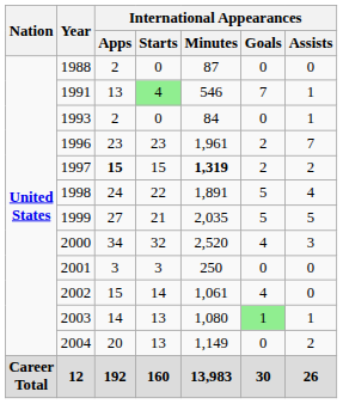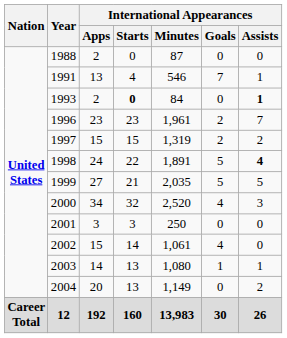 <table class="wikitable" style="font-size:90%; width:35%;">
 <tr>
 <th rowspan="2" style="width:20%;">Nation</th>
 <th rowspan="2" style="width:7%;">Year</th>
 <th colspan="5" style="width:30%;">International Appearances</th>
 </tr>
 <tr>
 <th align=center>Apps</th>
 <th align=center>Starts</th>
 <th align=center>Minutes</th>
 <th align=center>Goals</th>
 <th align=center>Assists</th>
 </tr>
 <tr>
 <td rowspan="12" style="text-align:center;"><strong><a href='#'>United States</a></strong></td>
 <td align=center>1988</td>
 <td align=center>2</td>
 <td align=center>0</td>
 <td align=center>87</td>
 <td align=center>0</td>
 <td align=center>0</td>
 </tr>
 <tr>
 <td align=center>1991</td>
 <td align=center>13</td>
-<td align=center style="background: lightgreen;">4</td>
+<td align=center>4</td>
 <td align=center>546</td>
 <td align=center>7</td>
 <td align=center>1</td>
 </tr>
 <tr>
 <td align=center>1993</td>
 <td align=center>2</td>
-<td align=center>0</td>
+<td align=center><strong>0</strong></td>
 <td align=center>84</td>
 <td align=center>0</td>
-<td align=center>1</td>
+<td align=center><strong>1</strong></td>
 </tr>
 <tr>
 <td align=center>1996</td>
 <td align=center>23</td>
 <td align=center>23</td>
 <td align=center>1,961</td>
 <td align=center>2</td>
 <td align=center>7</td>
 </tr>
 <tr>
 <td align=center>1997</td>
-<td align=center><strong>15</strong></td>
 <td align=center>15</td>
-<td align=center><strong>1,319</strong></td>
+<td align=center>15</td>
+<td align=center>1,319</td>
 <td align=center>2</td>
 <td align=center>2</td>
 </tr>
 <tr>
 <td align=center>1998</td>
 <td align=center>24</td>
 <td align=center>22</td>
 <td align=center>1,891</td>
 <td align=center>5</td>
-<td align=center>4</td>
+<td align=center><strong>4</strong></td>
 </tr>
 <tr>
 <td align=center>1999</td>
 <td align=center>27</td>
 <td align=center>21</td>
 <td align=center>2,035</td>
 <td align=center>5</td>
 <td align=center>5</td>
 </tr>
 <tr>
 <td align=center>2000</td>
 <td align=center>34</td>
 <td align=center>32</td>
 <td align=center>2,520</td>
 <td align=center>4</td>
 <td align=center>3</td>
 </tr>
 <tr>
 <td align=center>2001</td>
 <td align=center>3</td>
 <td align=center>3</td>
 <td align=center>250</td>
 <td align=center>0</td>
 <td align=center>0</td>
 </tr>
 <tr>
 <td align=center>2002</td>
 <td align=center>15</td>
 <td align=center>14</td>
 <td align=center>1,061</td>
 <td align=center>4</td>
 <td align=center>0</td>
 </tr>
 <tr>
 <td align=center>2003</td>
 <td align=center>14</td>
 <td align=center>13</td>
 <td align=center>1,080</td>
-<td align=center style="background: lightgreen;">1</td>
+<td align=center>1</td>
 <td align=center>1</td>
 </tr>
 <tr>
 <td align=center>2004</td>
 <td align=center>20</td>
 <td align=center>13</td>
 <td align=center>1,149</td>
 <td align=center>0</td>
 <td align=center>2</td>
 </tr>
 <tr>
 <th style="background:#dcdcdc; text-align:center;">Career Total</th>
 <th style="background:#dcdcdc; text-align:center;">12</th>
 <th style="background:#dcdcdc; text-align:center;">192</th>
 <th style="background:#dcdcdc; text-align:center;">160</th>
 <th style="background:#dcdcdc; text-align:center;">13,983</th>
 <th style="background:#dcdcdc; text-align:center;">30</th>
 <th style="background:#dcdcdc; text-align:center;">26</th>
 </tr>
 </table>
